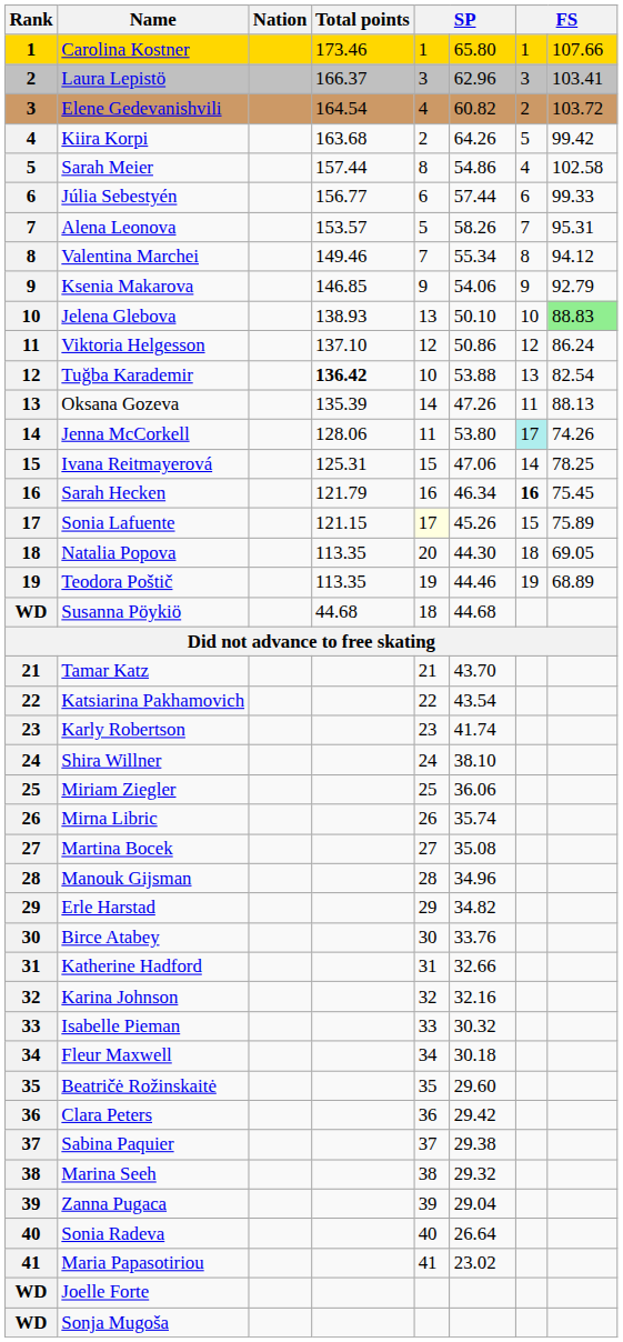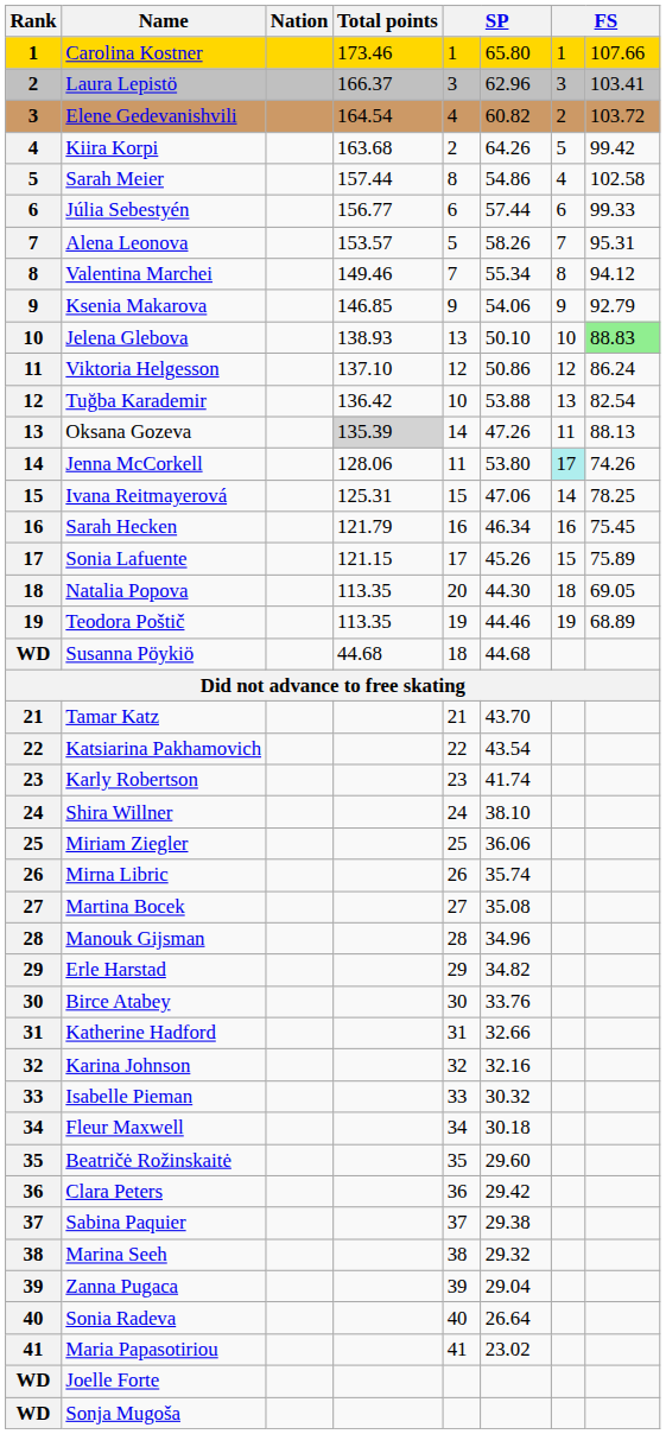 <table class="wikitable sortable">
 <tr>
 <th>Rank</th>
 <th>Name</th>
 <th>Nation</th>
 <th>Total points</th>
 <th colspan="2" width="80px"><a href='#'>SP</a></th>
 <th colspan="2" width="80px"><a href='#'>FS</a></th>
 </tr>
 <tr bgcolor="gold">
 <td align="center"><strong>1</strong></td>
 <td><a href='#'>Carolina Kostner</a></td>
 <td></td>
 <td>173.46</td>
 <td>1</td>
 <td>65.80</td>
 <td>1</td>
 <td>107.66</td>
 </tr>
 <tr bgcolor="silver">
 <td align="center"><strong>2</strong></td>
 <td><a href='#'>Laura Lepistö</a></td>
 <td></td>
 <td>166.37</td>
 <td>3</td>
 <td>62.96</td>
 <td>3</td>
 <td>103.41</td>
 </tr>
 <tr bgcolor="cc9966">
 <td align="center"><strong>3</strong></td>
 <td><a href='#'>Elene Gedevanishvili</a></td>
 <td></td>
 <td>164.54</td>
 <td>4</td>
 <td>60.82</td>
 <td>2</td>
 <td>103.72</td>
 </tr>
 <tr>
 <th>4</th>
 <td><a href='#'>Kiira Korpi</a></td>
 <td></td>
 <td>163.68</td>
 <td>2</td>
 <td>64.26</td>
 <td>5</td>
 <td>99.42</td>
 </tr>
 <tr>
 <th>5</th>
 <td><a href='#'>Sarah Meier</a></td>
 <td></td>
 <td>157.44</td>
 <td>8</td>
 <td>54.86</td>
 <td>4</td>
 <td>102.58</td>
 </tr>
 <tr>
 <th>6</th>
 <td><a href='#'>Júlia Sebestyén</a></td>
 <td></td>
 <td>156.77</td>
 <td>6</td>
 <td>57.44</td>
 <td>6</td>
 <td>99.33</td>
 </tr>
 <tr>
 <th>7</th>
 <td><a href='#'>Alena Leonova</a></td>
 <td></td>
 <td>153.57</td>
 <td>5</td>
 <td>58.26</td>
 <td>7</td>
 <td>95.31</td>
 </tr>
 <tr>
 <th>8</th>
 <td><a href='#'>Valentina Marchei</a></td>
 <td></td>
 <td>149.46</td>
 <td>7</td>
 <td>55.34</td>
 <td>8</td>
 <td>94.12</td>
 </tr>
 <tr>
 <th>9</th>
 <td><a href='#'>Ksenia Makarova</a></td>
 <td></td>
 <td>146.85</td>
 <td>9</td>
 <td>54.06</td>
 <td>9</td>
 <td>92.79</td>
 </tr>
 <tr>
 <th>10</th>
 <td><a href='#'>Jelena Glebova</a></td>
 <td></td>
 <td>138.93</td>
 <td>13</td>
 <td>50.10</td>
 <td>10</td>
 <td style="background: lightgreen;">88.83</td>
 </tr>
 <tr>
 <th>11</th>
 <td><a href='#'>Viktoria Helgesson</a></td>
 <td></td>
 <td>137.10</td>
 <td>12</td>
 <td>50.86</td>
 <td>12</td>
 <td>86.24</td>
 </tr>
 <tr>
 <th>12</th>
 <td><a href='#'>Tuğba Karademir</a></td>
 <td></td>
-<td><strong>136.42</strong></td>
+<td>136.42</td>
 <td>10</td>
 <td>53.88</td>
 <td>13</td>
 <td>82.54</td>
 </tr>
 <tr>
 <th>13</th>
 <td>Oksana Gozeva</td>
 <td></td>
-<td>135.39</td>
+<td style="background: lightgrey;">135.39</td>
 <td>14</td>
 <td>47.26</td>
 <td>11</td>
 <td>88.13</td>
 </tr>
 <tr>
 <th>14</th>
 <td><a href='#'>Jenna McCorkell</a></td>
 <td></td>
 <td>128.06</td>
 <td>11</td>
 <td>53.80</td>
 <td style="background: paleturquoise;">17</td>
 <td>74.26</td>
 </tr>
 <tr>
 <th>15</th>
 <td><a href='#'>Ivana Reitmayerová</a></td>
 <td></td>
 <td>125.31</td>
 <td>15</td>
 <td>47.06</td>
 <td>14</td>
 <td>78.25</td>
 </tr>
 <tr>
 <th>16</th>
 <td><a href='#'>Sarah Hecken</a></td>
 <td></td>
 <td>121.79</td>
 <td>16</td>
 <td>46.34</td>
-<td><strong>16</strong></td>
+<td>16</td>
 <td>75.45</td>
 </tr>
 <tr>
 <th>17</th>
 <td><a href='#'>Sonia Lafuente</a></td>
 <td></td>
 <td>121.15</td>
-<td style="background: lightyellow;">17</td>
+<td>17</td>
 <td>45.26</td>
 <td>15</td>
 <td>75.89</td>
 </tr>
 <tr>
 <th>18</th>
 <td><a href='#'>Natalia Popova</a></td>
 <td></td>
 <td>113.35</td>
 <td>20</td>
 <td>44.30</td>
 <td>18</td>
 <td>69.05</td>
 </tr>
 <tr>
 <th>19</th>
 <td><a href='#'>Teodora Poštič</a></td>
 <td></td>
 <td>113.35</td>
 <td>19</td>
 <td>44.46</td>
 <td>19</td>
 <td>68.89</td>
 </tr>
 <tr>
 <th>WD</th>
 <td><a href='#'>Susanna Pöykiö</a></td>
 <td></td>
 <td>44.68</td>
 <td>18</td>
 <td>44.68</td>
 <td></td>
 <td></td>
 </tr>
 <tr>
 <th colspan=8>Did not advance to free skating</th>
 </tr>
 <tr>
 <th>21</th>
 <td><a href='#'>Tamar Katz</a></td>
 <td></td>
 <td></td>
 <td>21</td>
 <td>43.70</td>
 <td></td>
 <td></td>
 </tr>
 <tr>
 <th>22</th>
 <td><a href='#'>Katsiarina Pakhamovich</a></td>
 <td></td>
 <td></td>
 <td>22</td>
 <td>43.54</td>
 <td></td>
 <td></td>
 </tr>
 <tr>
 <th>23</th>
 <td><a href='#'>Karly Robertson</a></td>
 <td></td>
 <td></td>
 <td>23</td>
 <td>41.74</td>
 <td></td>
 <td></td>
 </tr>
 <tr>
 <th>24</th>
 <td><a href='#'>Shira Willner</a></td>
 <td></td>
 <td></td>
 <td>24</td>
 <td>38.10</td>
 <td></td>
 <td></td>
 </tr>
 <tr>
 <th>25</th>
 <td><a href='#'>Miriam Ziegler</a></td>
 <td></td>
 <td></td>
 <td>25</td>
 <td>36.06</td>
 <td></td>
 <td></td>
 </tr>
 <tr>
 <th>26</th>
 <td><a href='#'>Mirna Libric</a></td>
 <td></td>
 <td></td>
 <td>26</td>
 <td>35.74</td>
 <td></td>
 <td></td>
 </tr>
 <tr>
 <th>27</th>
 <td><a href='#'>Martina Bocek</a></td>
 <td></td>
 <td></td>
 <td>27</td>
 <td>35.08</td>
 <td></td>
 <td></td>
 </tr>
 <tr>
 <th>28</th>
 <td><a href='#'>Manouk Gijsman</a></td>
 <td></td>
 <td></td>
 <td>28</td>
 <td>34.96</td>
 <td></td>
 <td></td>
 </tr>
 <tr>
 <th>29</th>
 <td><a href='#'>Erle Harstad</a></td>
 <td></td>
 <td></td>
 <td>29</td>
 <td>34.82</td>
 <td></td>
 <td></td>
 </tr>
 <tr>
 <th>30</th>
 <td><a href='#'>Birce Atabey</a></td>
 <td></td>
 <td></td>
 <td>30</td>
 <td>33.76</td>
 <td></td>
 <td></td>
 </tr>
 <tr>
 <th>31</th>
 <td><a href='#'>Katherine Hadford</a></td>
 <td></td>
 <td></td>
 <td>31</td>
 <td>32.66</td>
 <td></td>
 <td></td>
 </tr>
 <tr>
 <th>32</th>
 <td><a href='#'>Karina Johnson</a></td>
 <td></td>
 <td></td>
 <td>32</td>
 <td>32.16</td>
 <td></td>
 <td></td>
 </tr>
 <tr>
 <th>33</th>
 <td><a href='#'>Isabelle Pieman</a></td>
 <td></td>
 <td></td>
 <td>33</td>
 <td>30.32</td>
 <td></td>
 <td></td>
 </tr>
 <tr>
 <th>34</th>
 <td><a href='#'>Fleur Maxwell</a></td>
 <td></td>
 <td></td>
 <td>34</td>
 <td>30.18</td>
 <td></td>
 <td></td>
 </tr>
 <tr>
 <th>35</th>
 <td><a href='#'>Beatričė Rožinskaitė</a></td>
 <td></td>
 <td></td>
 <td>35</td>
 <td>29.60</td>
 <td></td>
 <td></td>
 </tr>
 <tr>
 <th>36</th>
 <td><a href='#'>Clara Peters</a></td>
 <td></td>
 <td></td>
 <td>36</td>
 <td>29.42</td>
 <td></td>
 <td></td>
 </tr>
 <tr>
 <th>37</th>
 <td><a href='#'>Sabina Paquier</a></td>
 <td></td>
 <td></td>
 <td>37</td>
 <td>29.38</td>
 <td></td>
 <td></td>
 </tr>
 <tr>
 <th>38</th>
 <td><a href='#'>Marina Seeh</a></td>
 <td></td>
 <td></td>
 <td>38</td>
 <td>29.32</td>
 <td></td>
 <td></td>
 </tr>
 <tr>
 <th>39</th>
 <td><a href='#'>Zanna Pugaca</a></td>
 <td></td>
 <td></td>
 <td>39</td>
 <td>29.04</td>
 <td></td>
 <td></td>
 </tr>
 <tr>
 <th>40</th>
 <td><a href='#'>Sonia Radeva</a></td>
 <td></td>
 <td></td>
 <td>40</td>
 <td>26.64</td>
 <td></td>
 <td></td>
 </tr>
 <tr>
 <th>41</th>
 <td><a href='#'>Maria Papasotiriou</a></td>
 <td></td>
 <td></td>
 <td>41</td>
 <td>23.02</td>
 <td></td>
 <td></td>
 </tr>
 <tr>
 <th>WD</th>
 <td><a href='#'>Joelle Forte</a></td>
 <td></td>
 <td></td>
 <td></td>
 <td></td>
 <td></td>
 <td></td>
 </tr>
 <tr>
 <th>WD</th>
 <td><a href='#'>Sonja Mugoša</a></td>
 <td></td>
 <td></td>
 <td></td>
 <td></td>
 <td></td>
 <td></td>
 </tr>
 </table>
